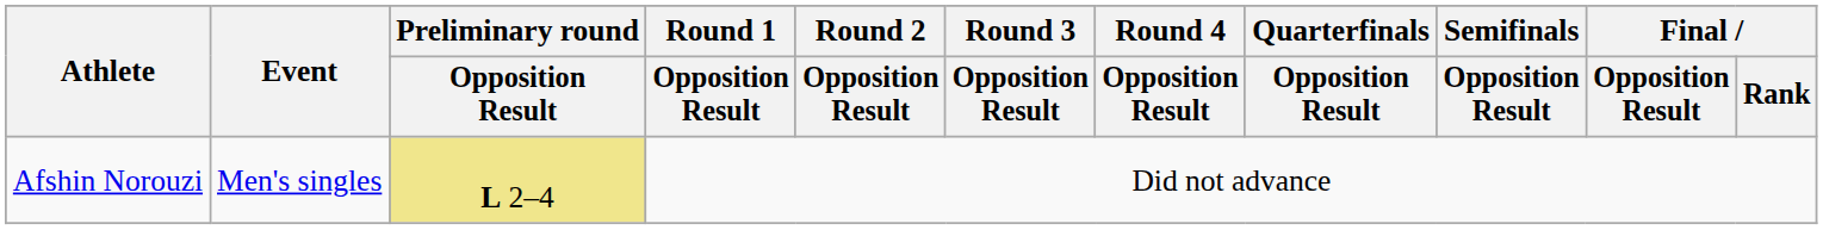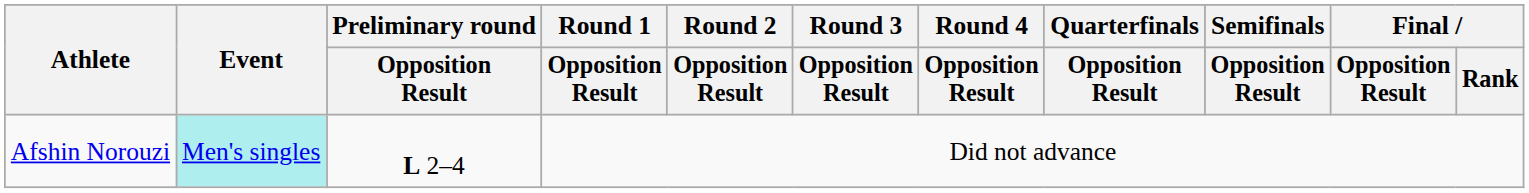 <table class="wikitable" style="font-size:90%">
 <tr>
 <th rowspan="2">Athlete</th>
 <th rowspan="2">Event</th>
 <th>Preliminary round</th>
 <th>Round 1</th>
 <th>Round 2</th>
 <th>Round 3</th>
 <th>Round 4</th>
 <th>Quarterfinals</th>
 <th>Semifinals</th>
 <th colspan=2>Final / </th>
 </tr>
 <tr style="font-size:95%">
 <th>Opposition<br>Result</th>
 <th>Opposition<br>Result</th>
 <th>Opposition<br>Result</th>
 <th>Opposition<br>Result</th>
 <th>Opposition<br>Result</th>
 <th>Opposition<br>Result</th>
 <th>Opposition<br>Result</th>
 <th>Opposition<br>Result</th>
 <th>Rank</th>
 </tr>
 <tr align=center>
 <td align=left><a href='#'>Afshin Norouzi</a></td>
-<td align=left><a href='#'>Men's singles</a></td>
-<td style="background: khaki;"><br><strong>L</strong> 2–4</td>
+<td align=left style="background: paleturquoise;"><a href='#'>Men's singles</a></td>
+<td><br><strong>L</strong> 2–4</td>
 <td colspan=8>Did not advance</td>
 </tr>
 </table>
